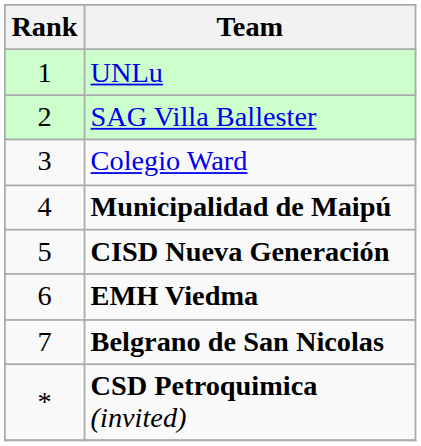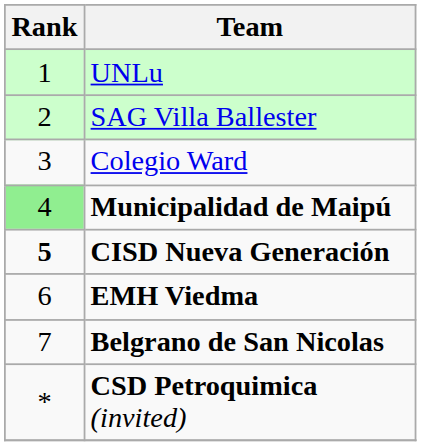 <table class=wikitable style="text-align:center;">
 <tr>
 <th>Rank</th>
 <th width=180>Team</th>
 </tr>
 <tr bgcolor=#CCFFCC>
 <td>1</td>
 <td align=left><a href='#'>UNLu</a></td>
 </tr>
 <tr bgcolor=#CCFFCC>
 <td>2</td>
 <td align=left><a href='#'>SAG Villa Ballester</a></td>
 </tr>
 <tr>
 <td>3</td>
 <td align=left><a href='#'>Colegio Ward</a></td>
 </tr>
 <tr>
-<td>4</td>
+<td style="background: lightgreen;">4</td>
 <td align=left><strong>Municipalidad de Maipú</strong></td>
 </tr>
 <tr>
-<td>5</td>
+<td><strong>5</strong></td>
 <td align=left><strong>CISD Nueva Generación</strong></td>
 </tr>
 <tr>
 <td>6</td>
 <td align=left><strong>EMH Viedma</strong></td>
 </tr>
 <tr>
 <td>7</td>
 <td align=left><strong>Belgrano de San Nicolas</strong></td>
 </tr>
 <tr>
 <td>*</td>
 <td align=left><strong>CSD Petroquimica</strong> <em>(invited)</em></td>
 </tr>
 <tr>
 </tr>
 </table>
